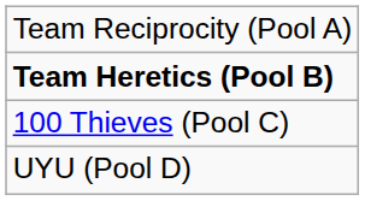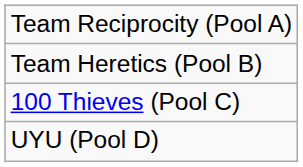 <table class="wikitable" style="display: inline-table; margin-left: 25px;">
 <tr>
 <td>Team Reciprocity (Pool A)</td>
 </tr>
 <tr>
-<td><strong>Team Heretics (Pool B)</strong></td>
+<td>Team Heretics (Pool B)</td>
 </tr>
 <tr>
 <td><a href='#'>100 Thieves</a> (Pool C)</td>
 </tr>
 <tr>
 <td>UYU (Pool D)</td>
 </tr>
 </table>
